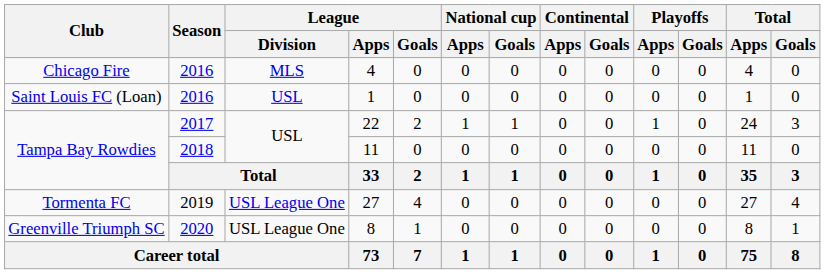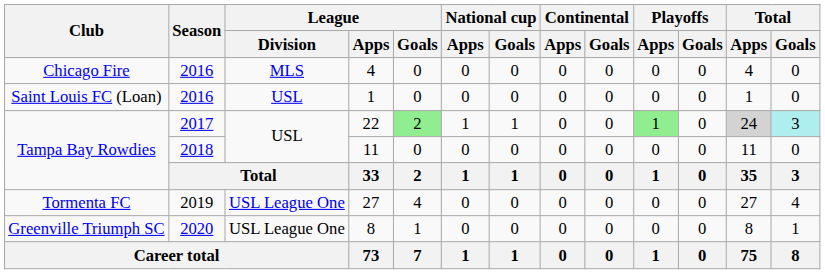 <table class="wikitable" style="text-align:center">
 <tr>
 <th rowspan="2">Club</th>
 <th rowspan="2">Season</th>
 <th colspan="3">League</th>
 <th colspan="2">National cup</th>
 <th colspan="2">Continental</th>
 <th colspan="2">Playoffs</th>
 <th colspan="2">Total</th>
 </tr>
 <tr>
 <th>Division</th>
 <th>Apps</th>
 <th>Goals</th>
 <th>Apps</th>
 <th>Goals</th>
 <th>Apps</th>
 <th>Goals</th>
 <th>Apps</th>
 <th>Goals</th>
 <th>Apps</th>
 <th>Goals</th>
 </tr>
 <tr>
 <td><a href='#'>Chicago Fire</a></td>
 <td><a href='#'>2016</a></td>
 <td><a href='#'>MLS</a></td>
 <td>4</td>
 <td>0</td>
 <td>0</td>
 <td>0</td>
 <td>0</td>
 <td>0</td>
 <td>0</td>
 <td>0</td>
 <td>4</td>
 <td>0</td>
 </tr>
 <tr>
 <td><a href='#'>Saint Louis FC</a> (Loan)</td>
 <td><a href='#'>2016</a></td>
 <td><a href='#'>USL</a></td>
 <td>1</td>
 <td>0</td>
 <td>0</td>
 <td>0</td>
 <td>0</td>
 <td>0</td>
 <td>0</td>
 <td>0</td>
 <td>1</td>
 <td>0</td>
 </tr>
 <tr>
 <td rowspan="3"><a href='#'>Tampa Bay Rowdies</a></td>
 <td><a href='#'>2017</a></td>
 <td rowspan="2">USL</td>
 <td>22</td>
-<td>2</td>
+<td style="background: lightgreen;">2</td>
 <td>1</td>
 <td>1</td>
 <td>0</td>
 <td>0</td>
-<td>1</td>
+<td style="background: lightgreen;">1</td>
 <td>0</td>
-<td>24</td>
-<td>3</td>
+<td style="background: lightgrey;">24</td>
+<td style="background: paleturquoise;">3</td>
 </tr>
 <tr>
 <td><a href='#'>2018</a></td>
 <td>11</td>
 <td>0</td>
 <td>0</td>
 <td>0</td>
 <td>0</td>
 <td>0</td>
 <td>0</td>
 <td>0</td>
 <td>11</td>
 <td>0</td>
 </tr>
 <tr>
 <th colspan="2">Total</th>
 <th>33</th>
 <th>2</th>
 <th>1</th>
 <th>1</th>
 <th>0</th>
 <th>0</th>
 <th>1</th>
 <th>0</th>
 <th>35</th>
 <th>3</th>
 </tr>
 <tr>
 <td><a href='#'>Tormenta FC</a></td>
 <td>2019</td>
 <td><a href='#'>USL League One</a></td>
 <td>27</td>
 <td>4</td>
 <td>0</td>
 <td>0</td>
 <td>0</td>
 <td>0</td>
 <td>0</td>
 <td>0</td>
 <td>27</td>
 <td>4</td>
 </tr>
 <tr>
 <td><a href='#'>Greenville Triumph SC</a></td>
 <td><a href='#'>2020</a></td>
 <td>USL League One</td>
 <td>8</td>
 <td>1</td>
 <td>0</td>
 <td>0</td>
 <td>0</td>
 <td>0</td>
 <td>0</td>
 <td>0</td>
 <td>8</td>
 <td>1</td>
 </tr>
 <tr>
 <th colspan="3">Career total</th>
 <th>73</th>
 <th>7</th>
 <th>1</th>
 <th>1</th>
 <th>0</th>
 <th>0</th>
 <th>1</th>
 <th>0</th>
 <th>75</th>
 <th>8</th>
 </tr>
 </table>
